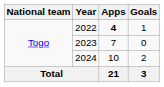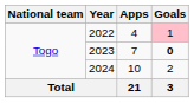 <table class="wikitable" style="text-align:center">
 <tr>
 <th>National team</th>
 <th>Year</th>
 <th>Apps</th>
 <th>Goals</th>
 </tr>
 <tr>
 <td rowspan="3"><a href='#'>Togo</a></td>
 <td>2022</td>
-<td><strong>4</strong></td>
-<td>1</td>
+<td>4</td>
+<td style="background: pink;">1</td>
 </tr>
 <tr>
 <td>2023</td>
 <td>7</td>
-<td>0</td>
+<td><strong>0</strong></td>
 </tr>
 <tr>
 <td>2024</td>
 <td>10</td>
 <td>2</td>
 </tr>
 <tr>
 <th colspan="2">Total</th>
 <th>21</th>
 <th>3</th>
 </tr>
 </table>
